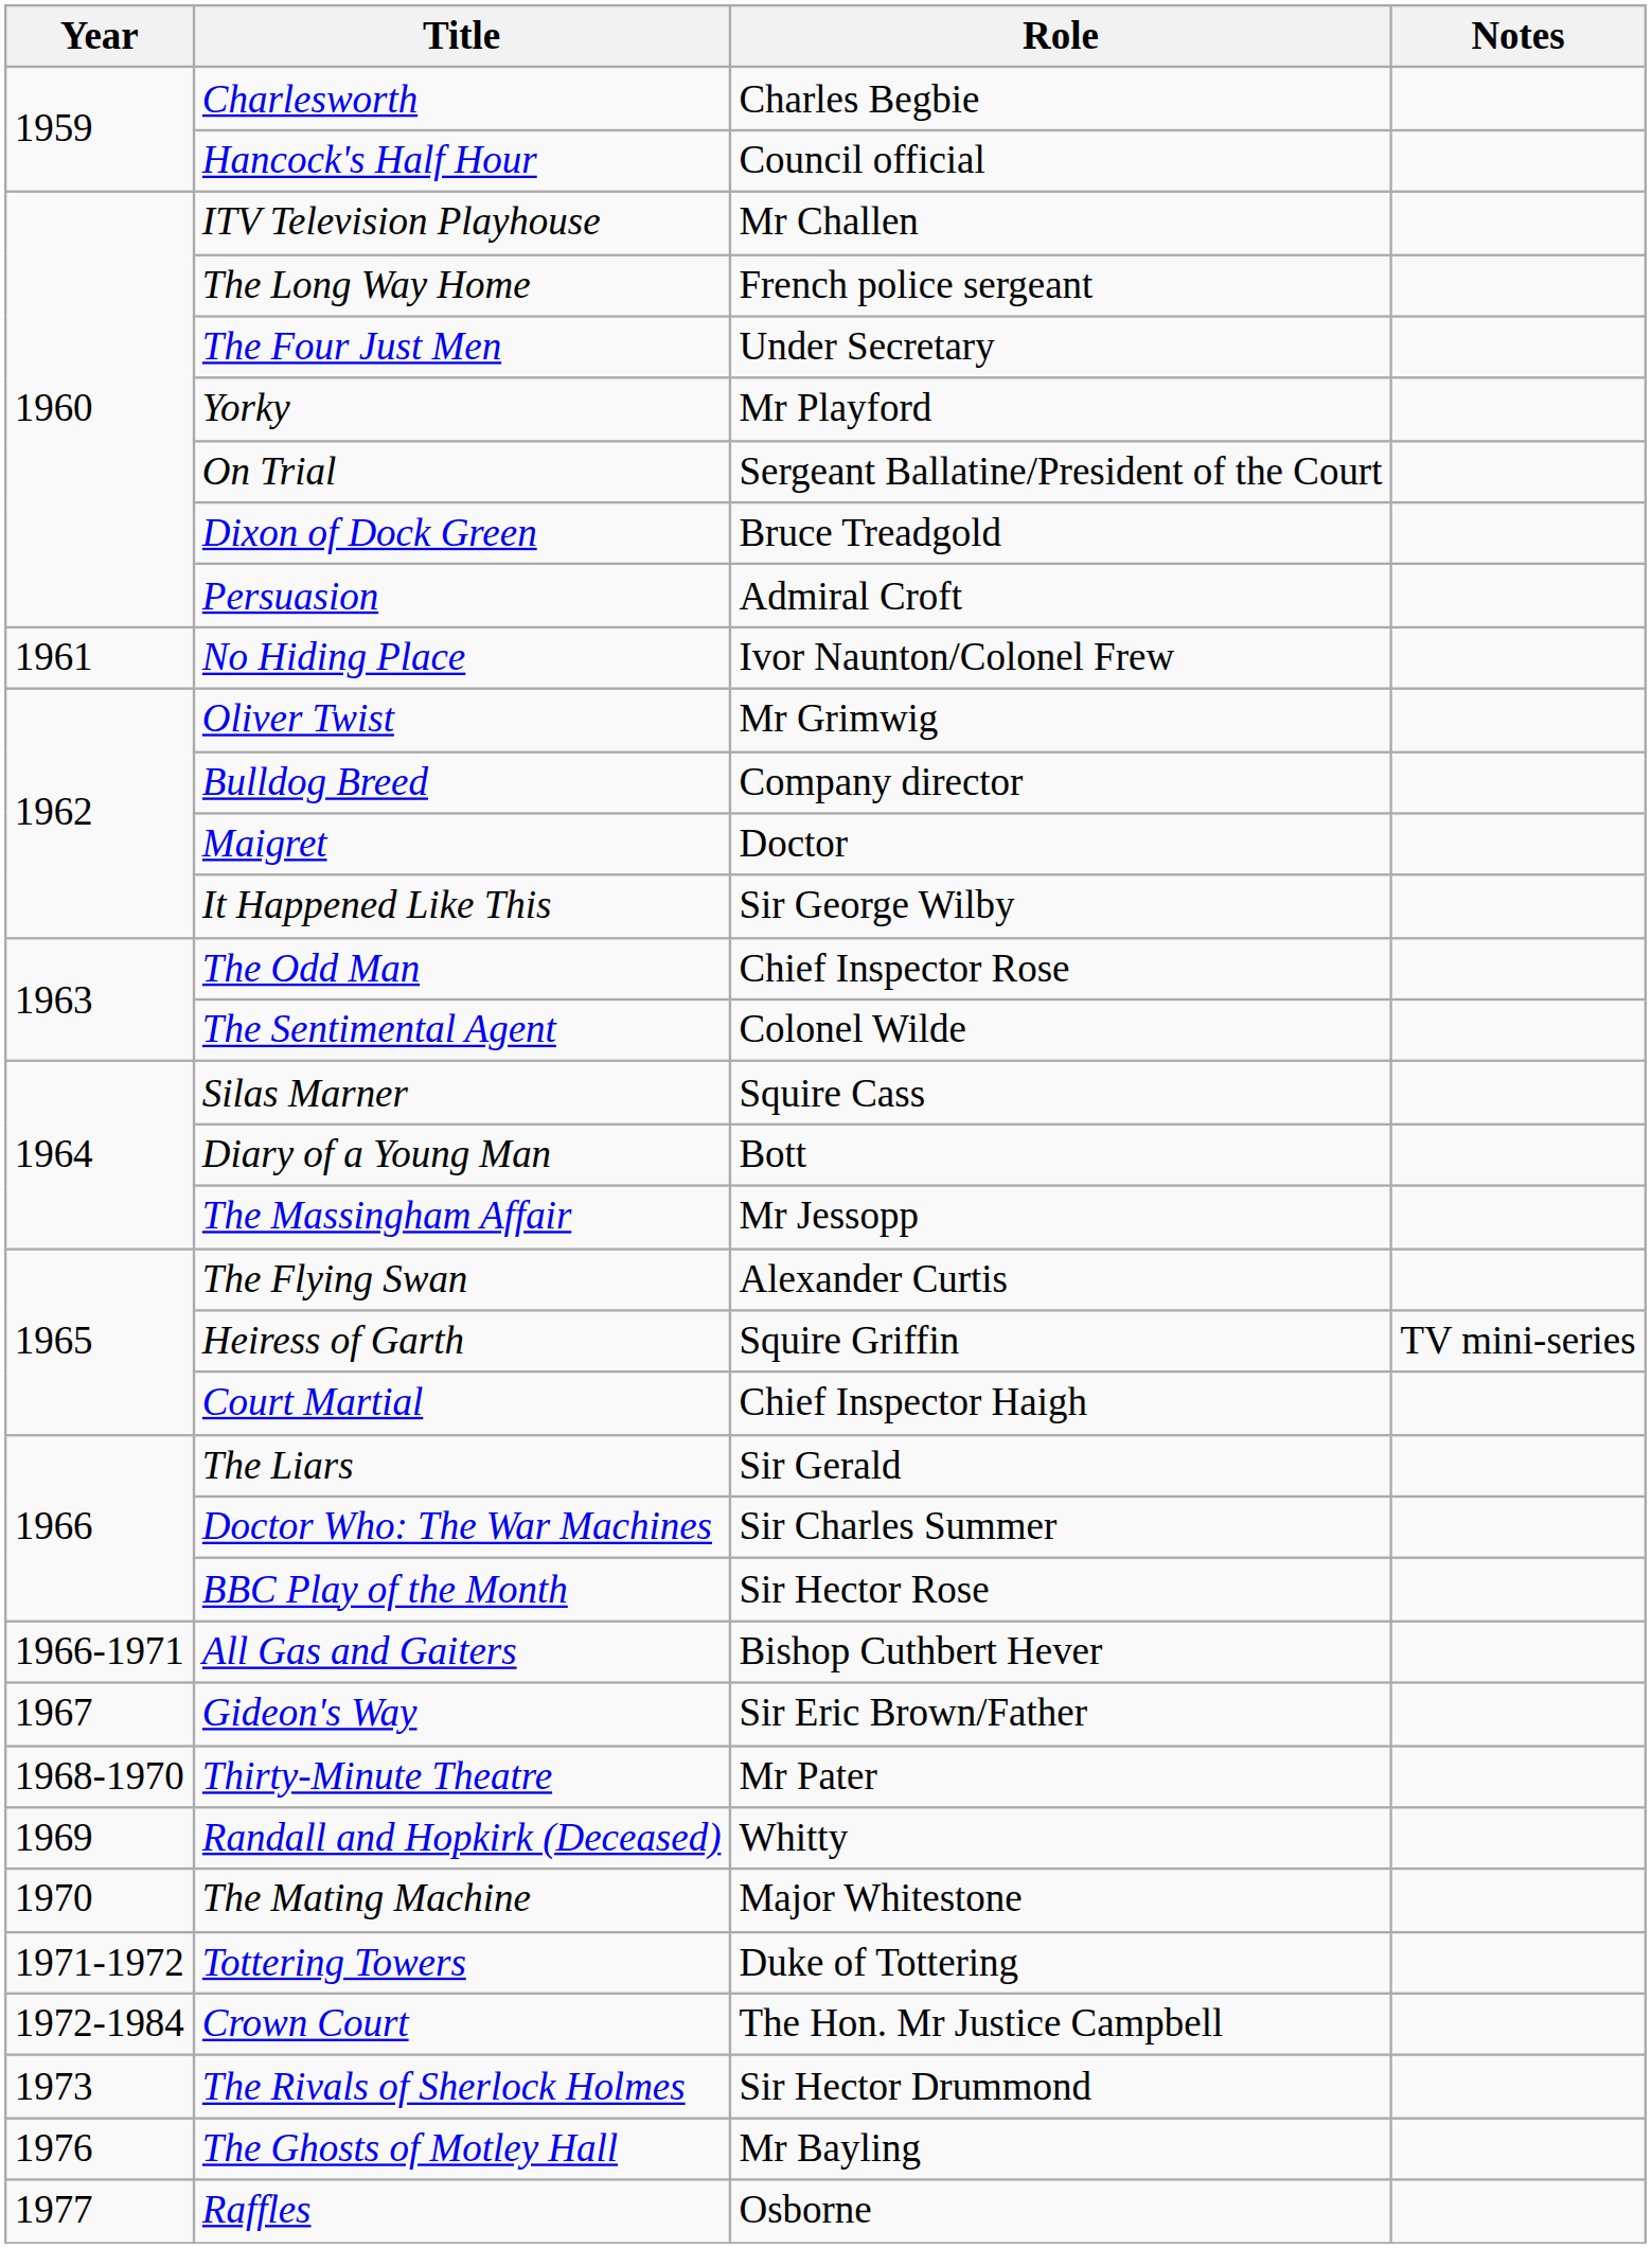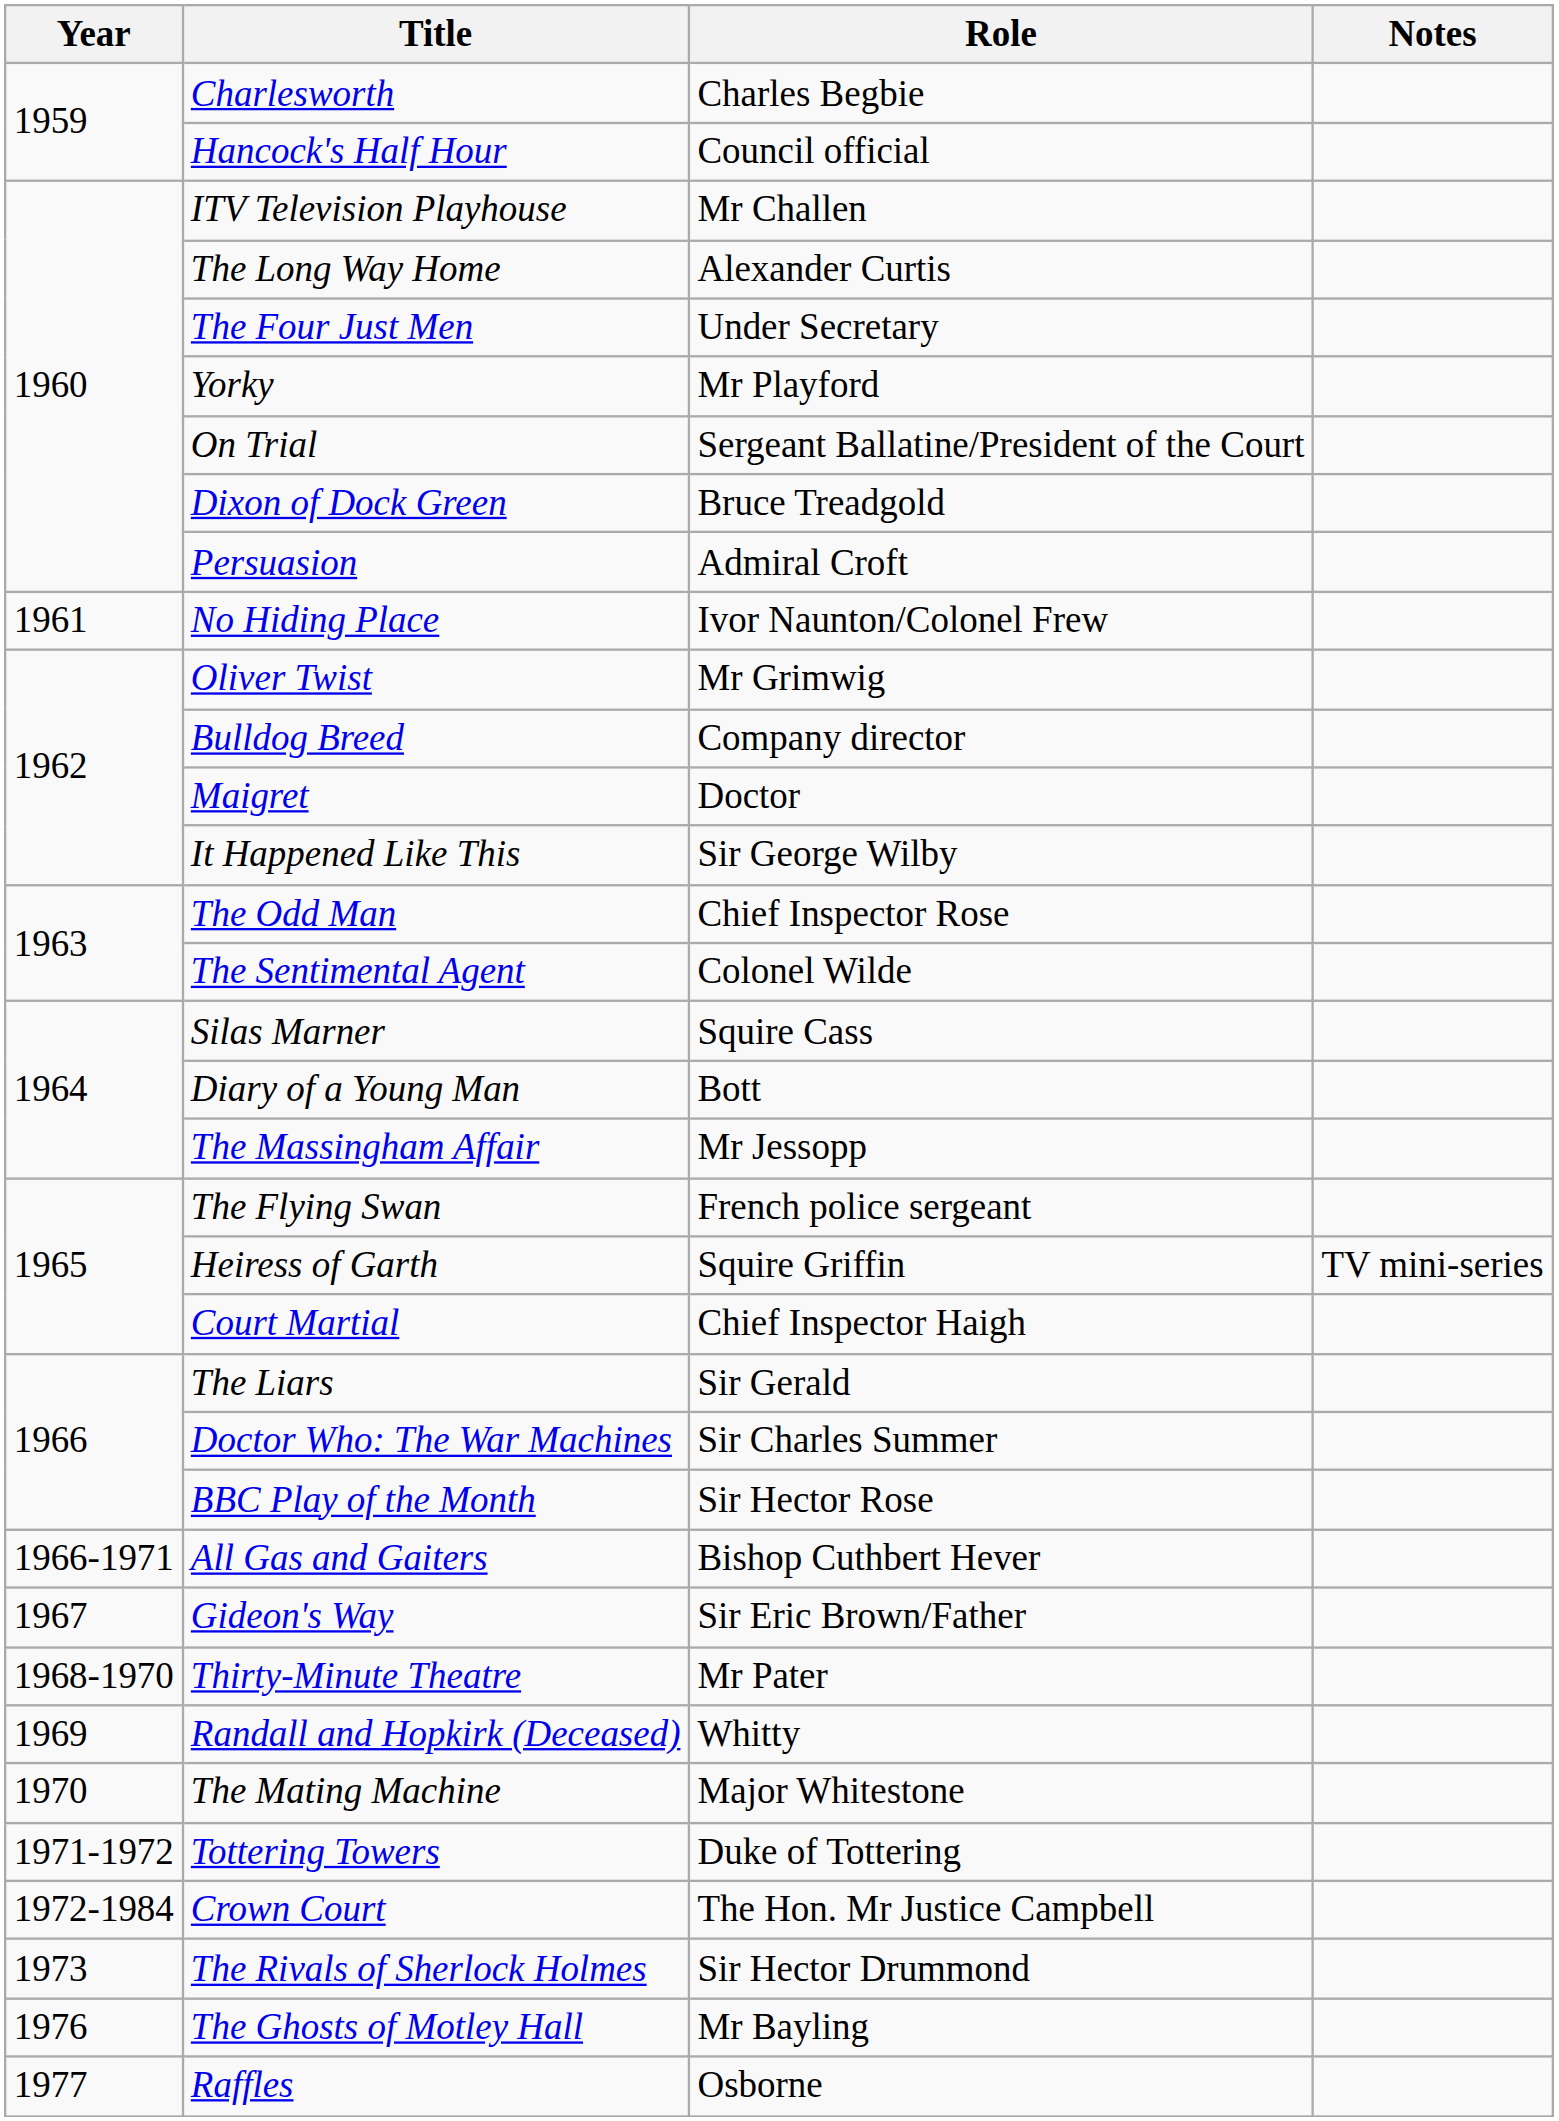 <table class="wikitable sortable">
 <tr>
 <th>Year</th>
 <th>Title</th>
 <th>Role</th>
 <th>Notes</th>
 </tr>
 <tr>
 <td rowspan="2">1959</td>
 <td><em><a href='#'>Charlesworth</a></em></td>
 <td>Charles Begbie</td>
 <td></td>
 </tr>
 <tr>
 <td><em><a href='#'>Hancock's Half Hour</a></em></td>
 <td>Council official</td>
 <td></td>
 </tr>
 <tr>
 <td rowspan="7">1960</td>
 <td><em>ITV Television Playhouse</em></td>
 <td>Mr Challen</td>
 <td></td>
 </tr>
 <tr>
 <td><em>The Long Way Home</em></td>
-<td>French police sergeant</td>
+<td>Alexander Curtis</td>
 <td></td>
 </tr>
 <tr>
 <td><em><a href='#'>The Four Just Men</a></em></td>
 <td>Under Secretary</td>
 <td></td>
 </tr>
 <tr>
 <td><em>Yorky</em></td>
 <td>Mr Playford</td>
 <td></td>
 </tr>
 <tr>
 <td><em>On Trial</em></td>
 <td>Sergeant Ballatine/President of the Court</td>
 <td></td>
 </tr>
 <tr>
 <td><em><a href='#'>Dixon of Dock Green</a></em></td>
 <td>Bruce Treadgold</td>
 <td></td>
 </tr>
 <tr>
 <td><em><a href='#'>Persuasion</a></em></td>
 <td>Admiral Croft</td>
 <td></td>
 </tr>
 <tr>
 <td>1961</td>
 <td><em><a href='#'>No Hiding Place</a></em></td>
 <td>Ivor Naunton/Colonel Frew</td>
 <td></td>
 </tr>
 <tr>
 <td rowspan="4">1962</td>
 <td><em><a href='#'>Oliver Twist</a></em></td>
 <td>Mr Grimwig</td>
 <td></td>
 </tr>
 <tr>
 <td><em><a href='#'>Bulldog Breed</a></em></td>
 <td>Company director</td>
 <td></td>
 </tr>
 <tr>
 <td><em><a href='#'>Maigret</a></em></td>
 <td>Doctor</td>
 <td></td>
 </tr>
 <tr>
 <td><em>It Happened Like This</em></td>
 <td>Sir George Wilby</td>
 <td></td>
 </tr>
 <tr>
 <td rowspan="2">1963</td>
 <td><em><a href='#'>The Odd Man</a></em></td>
 <td>Chief Inspector Rose</td>
 <td></td>
 </tr>
 <tr>
 <td><em><a href='#'>The Sentimental Agent</a></em></td>
 <td>Colonel Wilde</td>
 <td></td>
 </tr>
 <tr>
 <td rowspan="3">1964</td>
 <td><em>Silas Marner</em></td>
 <td>Squire Cass</td>
 <td></td>
 </tr>
 <tr>
 <td><em>Diary of a Young Man</em></td>
 <td>Bott</td>
 <td></td>
 </tr>
 <tr>
 <td><em><a href='#'>The Massingham Affair</a></em></td>
 <td>Mr Jessopp</td>
 <td></td>
 </tr>
 <tr>
 <td rowspan="3">1965</td>
 <td><em>The Flying Swan</em></td>
-<td>Alexander Curtis</td>
+<td>French police sergeant</td>
 <td></td>
 </tr>
 <tr>
 <td><em>Heiress of Garth</em></td>
 <td>Squire Griffin</td>
 <td>TV mini-series</td>
 </tr>
 <tr>
 <td><em><a href='#'>Court Martial</a></em></td>
 <td>Chief Inspector Haigh</td>
 <td></td>
 </tr>
 <tr>
 <td rowspan="3">1966</td>
 <td><em>The Liars</em></td>
 <td>Sir Gerald</td>
 <td></td>
 </tr>
 <tr>
 <td><em><a href='#'>Doctor Who: The War Machines</a></em></td>
 <td>Sir Charles Summer</td>
 <td></td>
 </tr>
 <tr>
 <td><em><a href='#'>BBC Play of the Month</a></em></td>
 <td>Sir Hector Rose</td>
 <td></td>
 </tr>
 <tr>
 <td>1966-1971</td>
 <td><em><a href='#'>All Gas and Gaiters</a></em></td>
 <td>Bishop Cuthbert Hever</td>
 <td></td>
 </tr>
 <tr>
 <td>1967</td>
 <td><em><a href='#'>Gideon's Way</a></em></td>
 <td>Sir Eric Brown/Father</td>
 <td></td>
 </tr>
 <tr>
 <td>1968-1970</td>
 <td><em><a href='#'>Thirty-Minute Theatre</a></em></td>
 <td>Mr Pater</td>
 <td></td>
 </tr>
 <tr>
 <td>1969</td>
 <td><em><a href='#'>Randall and Hopkirk (Deceased)</a></em></td>
 <td>Whitty</td>
 <td></td>
 </tr>
 <tr>
 <td>1970</td>
 <td><em>The Mating Machine</em></td>
 <td>Major Whitestone</td>
 <td></td>
 </tr>
 <tr>
 <td>1971-1972</td>
 <td><em><a href='#'>Tottering Towers</a></em></td>
 <td>Duke of Tottering</td>
 <td></td>
 </tr>
 <tr>
 <td>1972-1984</td>
 <td><em><a href='#'>Crown Court</a></em></td>
 <td>The Hon. Mr Justice Campbell</td>
 <td></td>
 </tr>
 <tr>
 <td>1973</td>
 <td><em><a href='#'>The Rivals of Sherlock Holmes</a></em></td>
 <td>Sir Hector Drummond</td>
 <td></td>
 </tr>
 <tr>
 <td>1976</td>
 <td><em><a href='#'>The Ghosts of Motley Hall</a></em></td>
 <td>Mr Bayling</td>
 <td></td>
 </tr>
 <tr>
 <td>1977</td>
 <td><em><a href='#'>Raffles</a></em></td>
 <td>Osborne</td>
 </tr>
 </table>
